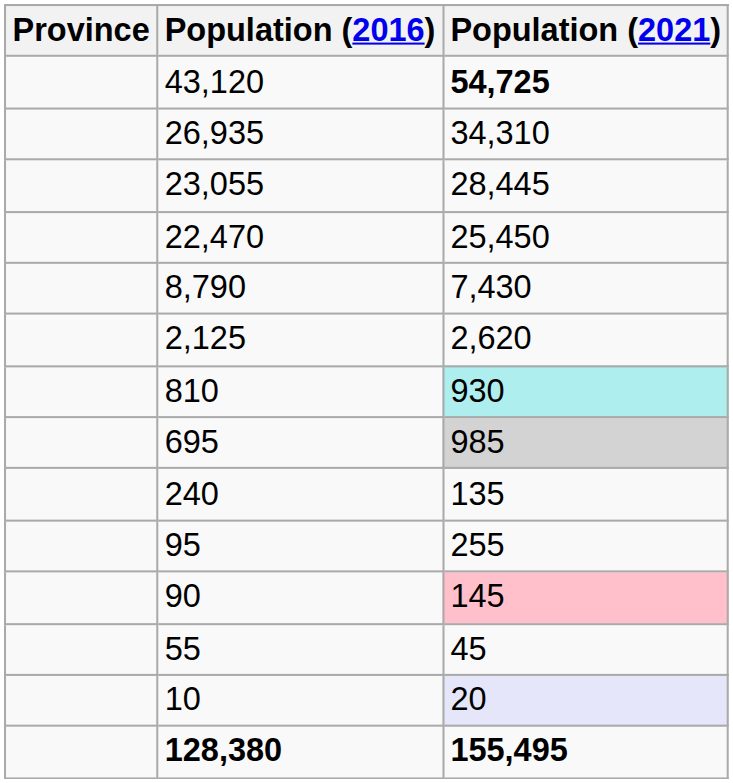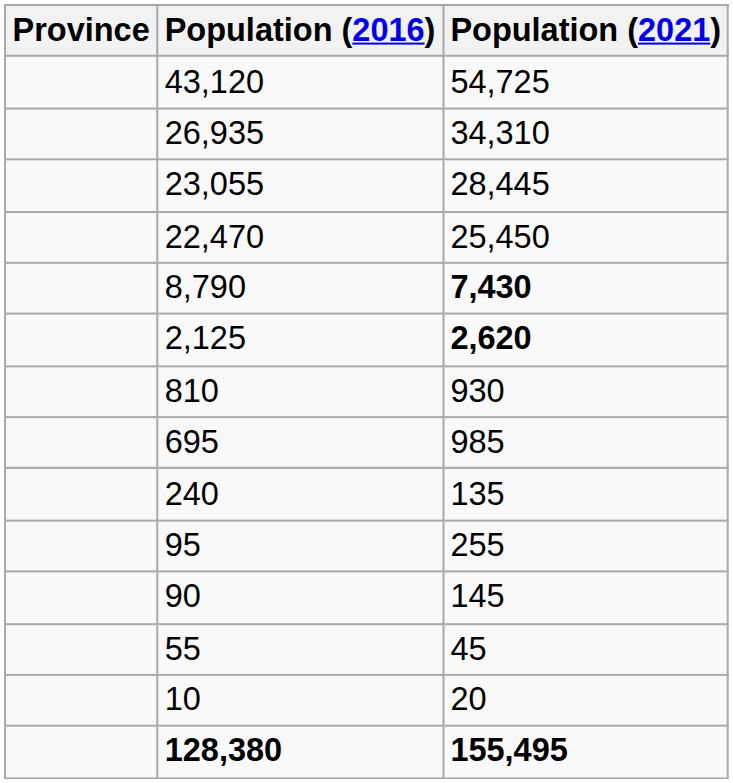 <table class="wikitable sortable">
 <tr>
 </tr>
 <tr>
 <th>Province</th>
 <th>Population (<a href='#'>2016</a>)</th>
 <th>Population (<a href='#'>2021</a>)</th>
 </tr>
 <tr>
 <td></td>
 <td>43,120</td>
-<td><strong>54,725</strong></td>
+<td>54,725</td>
 </tr>
 <tr>
 <td></td>
 <td>26,935</td>
 <td>34,310</td>
 </tr>
 <tr>
 <td></td>
 <td>23,055</td>
 <td>28,445</td>
 </tr>
 <tr>
 <td></td>
 <td>22,470</td>
 <td>25,450</td>
 </tr>
 <tr>
 <td></td>
 <td>8,790</td>
-<td>7,430</td>
+<td><strong>7,430</strong></td>
 </tr>
 <tr>
 <td></td>
 <td>2,125</td>
-<td>2,620</td>
+<td><strong>2,620</strong></td>
 </tr>
 <tr>
 <td></td>
 <td>810</td>
-<td style="background: paleturquoise;">930</td>
+<td>930</td>
 </tr>
 <tr>
 <td></td>
 <td>695</td>
-<td style="background: lightgrey;">985</td>
+<td>985</td>
 </tr>
 <tr>
 <td></td>
 <td>240</td>
 <td>135</td>
 </tr>
 <tr>
 <td></td>
 <td>95</td>
 <td>255</td>
 </tr>
 <tr>
 <td></td>
 <td>90</td>
-<td style="background: pink;">145</td>
+<td>145</td>
 </tr>
 <tr>
 <td></td>
 <td>55</td>
 <td>45</td>
 </tr>
 <tr>
 <td></td>
 <td>10</td>
-<td style="background: lavender;">20</td>
+<td>20</td>
 </tr>
 <tr>
 <td></td>
 <td><strong>128,380</strong></td>
 <td><strong>155,495</strong></td>
 </tr>
 </table>
